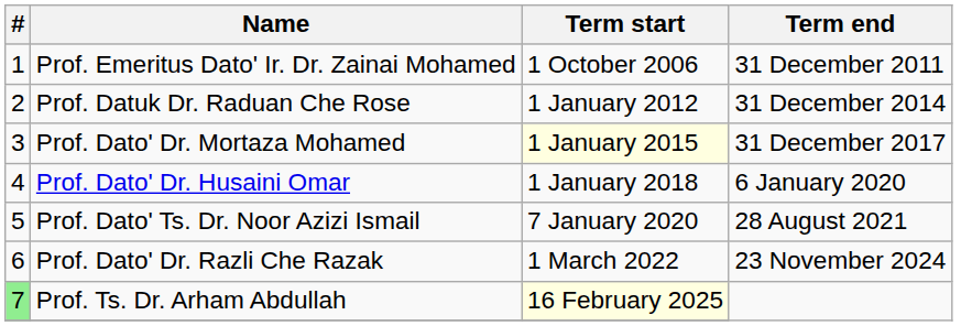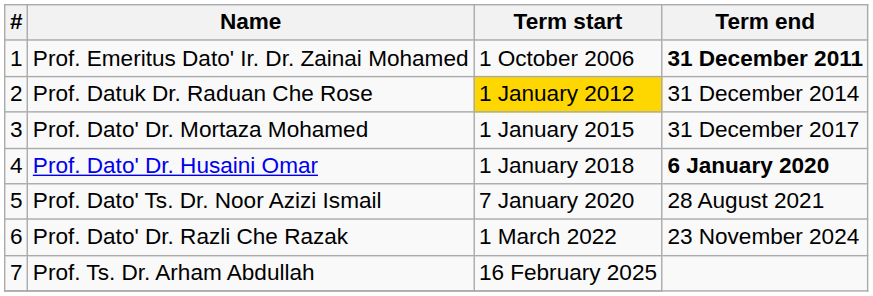 <table class="wikitable">
 <tr>
 <th>#</th>
 <th>Name</th>
 <th>Term start</th>
 <th>Term end</th>
 </tr>
 <tr>
 <td>1</td>
 <td>Prof. Emeritus Dato' Ir. Dr. Zainai Mohamed</td>
 <td>1 October 2006</td>
-<td>31 December 2011</td>
+<td><strong>31 December 2011</strong></td>
 </tr>
 <tr>
 <td>2</td>
 <td>Prof. Datuk Dr. Raduan Che Rose</td>
-<td>1 January 2012</td>
+<td style="background: gold;">1 January 2012</td>
 <td>31 December 2014</td>
 </tr>
 <tr>
 <td>3</td>
 <td>Prof. Dato' Dr. Mortaza Mohamed</td>
-<td style="background: lightyellow;">1 January 2015</td>
+<td>1 January 2015</td>
 <td>31 December 2017</td>
 </tr>
 <tr>
 <td>4</td>
 <td><a href='#'>Prof. Dato' Dr. Husaini Omar</a></td>
 <td>1 January 2018</td>
-<td>6 January 2020</td>
+<td><strong>6 January 2020</strong></td>
 </tr>
 <tr>
 <td>5</td>
 <td>Prof. Dato' Ts. Dr. Noor Azizi Ismail</td>
 <td>7 January 2020</td>
 <td>28 August 2021</td>
 </tr>
 <tr>
 <td>6</td>
 <td>Prof. Dato' Dr. Razli Che Razak</td>
 <td>1 March 2022</td>
 <td>23 November 2024</td>
 </tr>
 <tr>
-<td style="background: lightgreen;">7</td>
+<td>7</td>
 <td>Prof. Ts. Dr. Arham Abdullah</td>
-<td style="background: lightyellow;">16 February 2025</td>
+<td>16 February 2025</td>
 </tr>
 <tr>
 </tr>
 </table>
